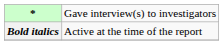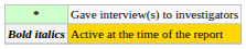 <table class="wikitable" border="1">
 <tr>
 <th scope="row"style="text-align:center;background-color: #CCFFCC">*</th>
 <td>Gave interview(s) to investigators</td>
 </tr>
 <tr>
 <th scope="row"style="text-align:center"><strong><em>Bold italics</em></strong></th>
-<td>Active at the time of the report</td>
+<td style="background: gold;">Active at the time of the report</td>
 </tr>
 <tr>
 </tr>
 </table>
